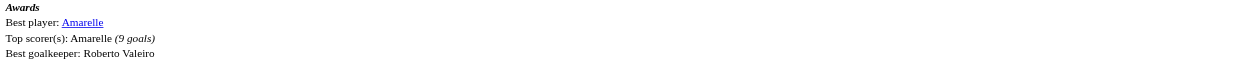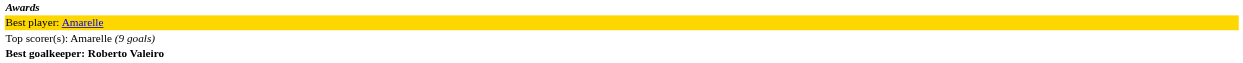 <table width=100% cellspacing=1 style="font-size: 90%;">
 <tr>
 <td><strong><em>Awards</em></strong></td>
 </tr>
 <tr>
-<td>Best player:  <a href='#'>Amarelle</a></td>
+<td style="background: gold;">Best player:  <a href='#'>Amarelle</a></td>
 </tr>
 <tr>
 <td colspan=4>Top scorer(s):  Amarelle <em>(9 goals)</em></td>
 </tr>
 <tr>
-<td>Best goalkeeper:  Roberto Valeiro</td>
+<td><strong>Best goalkeeper:  Roberto Valeiro</strong></td>
 </tr>
 </table>
